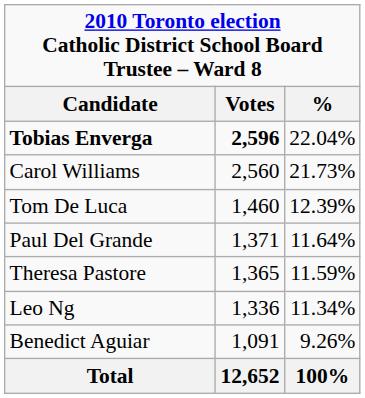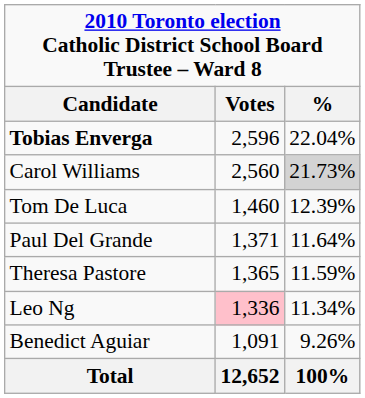 <table class="wikitable" style="margin-bottom:0;">
 <tr>
 <td colspan="3" align="center"><strong><a href='#'>2010 Toronto election</a><br>Catholic District School Board<br>Trustee – Ward 8</strong></td>
 </tr>
 <tr>
 <th bgcolor="#DDDDFF" width="150px">Candidate</th>
 <th bgcolor="#DDDDFF">Votes</th>
 <th bgcolor="#DDDDFF">%</th>
 </tr>
 <tr>
 <td><strong>Tobias Enverga</strong></td>
-<td align=right><strong>2,596</strong></td>
+<td align=right>2,596</td>
 <td align=right>22.04%</td>
 </tr>
 <tr>
 <td>Carol Williams</td>
 <td align=right>2,560</td>
-<td align=right>21.73%</td>
+<td align=right style="background: lightgrey;">21.73%</td>
 </tr>
 <tr>
 <td>Tom De Luca</td>
 <td align=right>1,460</td>
 <td align=right>12.39%</td>
 </tr>
 <tr>
 <td>Paul Del Grande</td>
 <td align=right>1,371</td>
 <td align=right>11.64%</td>
 </tr>
 <tr>
 <td>Theresa Pastore</td>
 <td align=right>1,365</td>
 <td align=right>11.59%</td>
 </tr>
 <tr>
 <td>Leo Ng</td>
-<td align=right>1,336</td>
+<td align=right style="background: pink;">1,336</td>
 <td align=right>11.34%</td>
 </tr>
 <tr>
 <td>Benedict Aguiar</td>
 <td align=right>1,091</td>
 <td align=right>9.26%</td>
 </tr>
 <tr>
 <th>Total</th>
 <th align=right>12,652</th>
 <th align=right>100%</th>
 </tr>
 </table>
